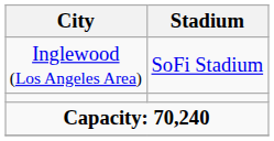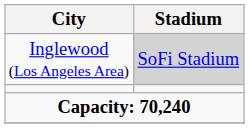 <table class="wikitable" style="margin:1em auto; text-align:center;">
 <tr>
 <th>City</th>
 <th>Stadium</th>
 </tr>
 <tr>
 <td><a href='#'>Inglewood</a><br> <small>(<a href='#'>Los Angeles Area</a>)</small></td>
-<td><a href='#'>SoFi Stadium</a></td>
+<td style="background: lightgrey;"><a href='#'>SoFi Stadium</a></td>
 </tr>
 <tr>
 <td></td>
 <td></td>
 </tr>
 <tr>
 <td colspan="2"><strong>Capacity:</strong> <strong>70,240</strong></td>
 </tr>
 <tr>
 </tr>
 </table>
